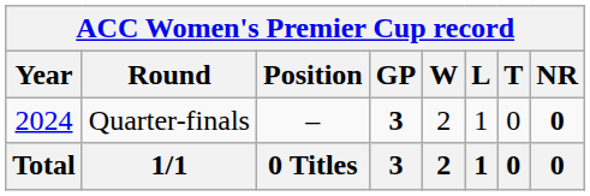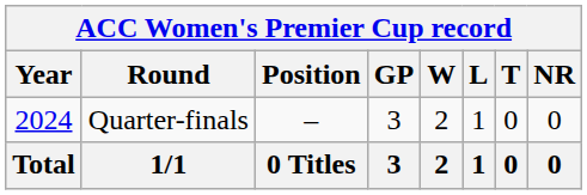 <table class="wikitable" style="text-align: center; width=900px;">
 <tr>
 <th colspan="8"><a href='#'>ACC Women's Premier Cup record</a></th>
 </tr>
 <tr>
 <th>Year</th>
 <th>Round</th>
 <th>Position</th>
 <th>GP</th>
 <th>W</th>
 <th>L</th>
 <th>T</th>
 <th>NR</th>
 </tr>
 <tr>
 <td><a href='#'>2024</a> </td>
 <td>Quarter-finals</td>
 <td>–</td>
-<td><strong>3</strong></td>
+<td>3</td>
 <td>2</td>
 <td>1</td>
 <td>0</td>
-<td><strong>0</strong></td>
+<td>0</td>
 </tr>
 <tr>
 <th>Total</th>
 <th>1/1</th>
 <th>0 Titles</th>
 <th>3</th>
 <th>2</th>
 <th>1</th>
 <th>0</th>
 <th>0</th>
 </tr>
 </table>
